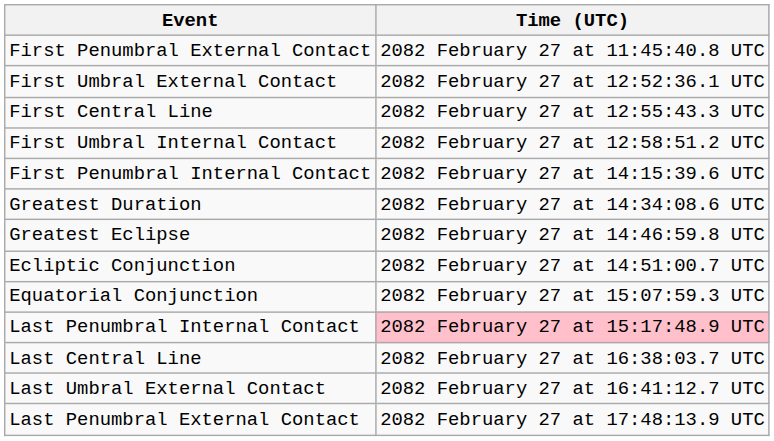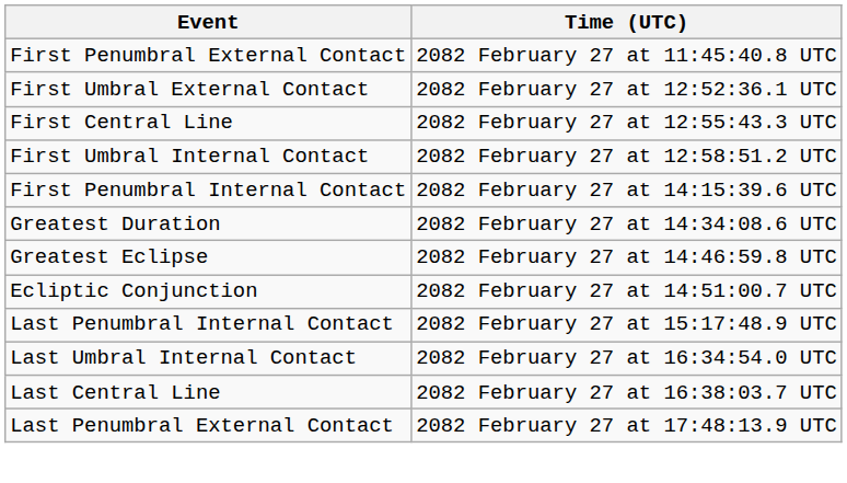 <table class="wikitable">
 <tr>
 <th>Event</th>
 <th>Time (UTC)</th>
 </tr>
 <tr>
 <td>First Penumbral External Contact</td>
 <td>2082 February 27 at 11:45:40.8 UTC</td>
 </tr>
 <tr>
 <td>First Umbral External Contact</td>
 <td>2082 February 27 at 12:52:36.1 UTC</td>
 </tr>
 <tr>
 <td>First Central Line</td>
 <td>2082 February 27 at 12:55:43.3 UTC</td>
 </tr>
 <tr>
 <td>First Umbral Internal Contact</td>
 <td>2082 February 27 at 12:58:51.2 UTC</td>
 </tr>
 <tr>
 <td>First Penumbral Internal Contact</td>
 <td>2082 February 27 at 14:15:39.6 UTC</td>
 </tr>
 <tr>
 <td>Greatest Duration</td>
 <td>2082 February 27 at 14:34:08.6 UTC</td>
 </tr>
 <tr>
 <td>Greatest Eclipse</td>
 <td>2082 February 27 at 14:46:59.8 UTC</td>
 </tr>
 <tr>
 <td>Ecliptic Conjunction</td>
 <td>2082 February 27 at 14:51:00.7 UTC</td>
 </tr>
 <tr>
-<td>Equatorial Conjunction</td>
-<td>2082 February 27 at 15:07:59.3 UTC</td>
+<td>Last Penumbral Internal Contact</td>
+<td>2082 February 27 at 15:17:48.9 UTC</td>
 </tr>
 <tr>
-<td>Last Penumbral Internal Contact</td>
-<td style="background: pink;">2082 February 27 at 15:17:48.9 UTC</td>
+<td>Last Umbral Internal Contact</td>
+<td>2082 February 27 at 16:34:54.0 UTC</td>
 </tr>
 <tr>
 <td>Last Central Line</td>
 <td>2082 February 27 at 16:38:03.7 UTC</td>
 </tr>
 <tr>
-<td>Last Umbral External Contact</td>
-<td>2082 February 27 at 16:41:12.7 UTC</td>
-</tr>
-<tr>
 <td>Last Penumbral External Contact</td>
 <td>2082 February 27 at 17:48:13.9 UTC</td>
 </tr>
 </table>
